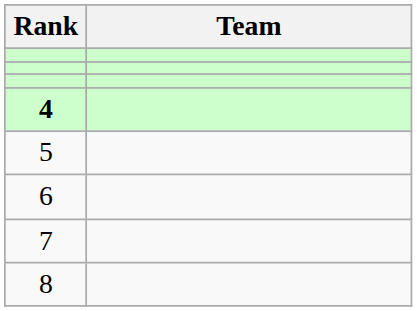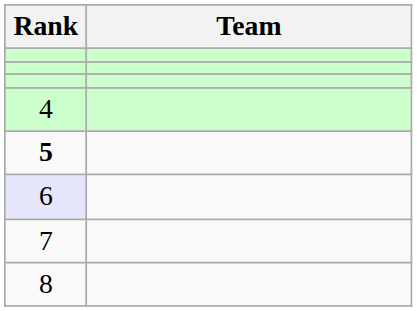 <table class="wikitable" style="text-align: center;">
 <tr>
 <th width=40>Rank</th>
 <th width=180>Team</th>
 </tr>
 <tr bgcolor=#ccffcc>
 <td></td>
 <td style="text-align:left;"></td>
 </tr>
 <tr bgcolor=#ccffcc>
 <td></td>
 <td style="text-align:left;"></td>
 </tr>
 <tr bgcolor=#ccffcc>
 <td></td>
 <td style="text-align:left;"></td>
 </tr>
 <tr bgcolor=#ccffcc>
-<td><strong>4</strong></td>
+<td>4</td>
 <td style="text-align:left;"></td>
 </tr>
 <tr align=center>
-<td>5</td>
+<td><strong>5</strong></td>
 <td style="text-align:left;"></td>
 </tr>
 <tr align=center>
-<td>6</td>
+<td style="background: lavender;">6</td>
 <td style="text-align:left;"></td>
 </tr>
 <tr align=center>
 <td>7</td>
 <td style="text-align:left;"></td>
 </tr>
 <tr align=center>
 <td>8</td>
 <td style="text-align:left;"></td>
 </tr>
 </table>
